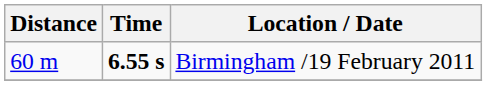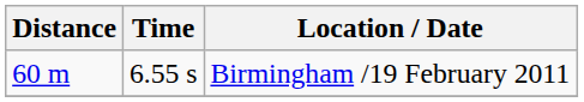 <table class="wikitable">
 <tr>
 <th>Distance</th>
 <th>Time</th>
 <th>Location / Date</th>
 </tr>
 <tr>
 <td><a href='#'>60 m</a></td>
-<td><strong>6.55 s</strong></td>
+<td>6.55 s</td>
 <td><a href='#'>Birmingham</a> /19 February 2011</td>
 </tr>
 <tr>
 </tr>
 </table>
